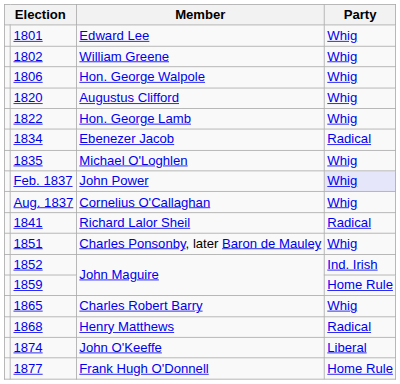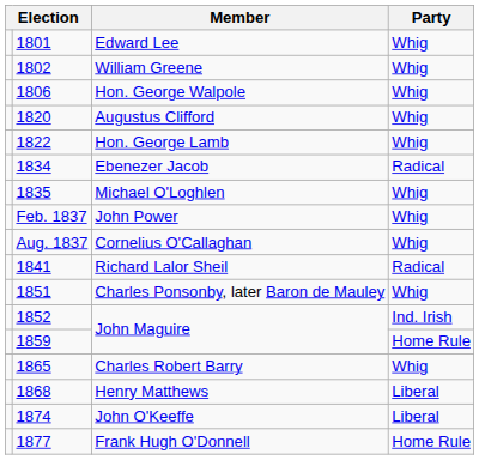 <table class="wikitable">
 <tr>
 <th colspan="2">Election</th>
 <th>Member</th>
 <th>Party</th>
 </tr>
 <tr>
 <td style="color:inherit;background-color: "></td>
 <td><a href='#'>1801</a></td>
 <td><a href='#'>Edward Lee</a></td>
 <td><a href='#'>Whig</a></td>
 </tr>
 <tr>
 <td style="color:inherit;background-color: "></td>
 <td><a href='#'>1802</a></td>
 <td><a href='#'>William Greene</a></td>
 <td><a href='#'>Whig</a></td>
 </tr>
 <tr>
 <td style="color:inherit;background-color: "></td>
 <td><a href='#'>1806</a></td>
 <td><a href='#'>Hon. George Walpole</a></td>
 <td><a href='#'>Whig</a></td>
 </tr>
 <tr>
 <td style="color:inherit;background-color: "></td>
 <td><a href='#'>1820</a></td>
 <td><a href='#'>Augustus Clifford</a></td>
 <td><a href='#'>Whig</a></td>
 </tr>
 <tr>
 <td style="color:inherit;background-color: "></td>
 <td><a href='#'>1822</a></td>
 <td><a href='#'>Hon. George Lamb</a></td>
 <td><a href='#'>Whig</a></td>
 </tr>
 <tr>
 <td style="color:inherit;background-color: "></td>
 <td><a href='#'>1834</a></td>
 <td><a href='#'>Ebenezer Jacob</a></td>
 <td><a href='#'>Radical</a></td>
 </tr>
 <tr>
 <td style="color:inherit;background-color: "></td>
 <td><a href='#'>1835</a></td>
 <td><a href='#'>Michael O'Loghlen</a></td>
 <td><a href='#'>Whig</a></td>
 </tr>
 <tr>
 <td style="color:inherit;background-color: "></td>
 <td><a href='#'>Feb. 1837</a></td>
 <td><a href='#'>John Power</a></td>
-<td style="background: lavender;"><a href='#'>Whig</a></td>
+<td><a href='#'>Whig</a></td>
 </tr>
 <tr>
 <td style="color:inherit;background-color: "></td>
 <td><a href='#'>Aug. 1837</a></td>
 <td><a href='#'>Cornelius O'Callaghan</a></td>
 <td><a href='#'>Whig</a></td>
 </tr>
 <tr>
 <td style="color:inherit;background-color: "></td>
 <td><a href='#'>1841</a></td>
 <td><a href='#'>Richard Lalor Sheil</a></td>
 <td><a href='#'>Radical</a></td>
 </tr>
 <tr>
 <td style="color:inherit;background-color: "></td>
 <td><a href='#'>1851</a></td>
 <td><a href='#'>Charles Ponsonby</a>, later <a href='#'>Baron de Mauley</a></td>
 <td><a href='#'>Whig</a></td>
 </tr>
 <tr>
 <td style="color:inherit;background-color: "></td>
 <td><a href='#'>1852</a></td>
 <td rowspan="2"><a href='#'>John Maguire</a></td>
 <td><a href='#'>Ind. Irish</a></td>
 </tr>
 <tr>
 <td style="color:inherit;background-color: "></td>
 <td><a href='#'>1859</a></td>
 <td><a href='#'>Home Rule</a></td>
 </tr>
 <tr>
 <td style="color:inherit;background-color: "></td>
 <td><a href='#'>1865</a></td>
 <td><a href='#'>Charles Robert Barry</a></td>
 <td><a href='#'>Whig</a></td>
 </tr>
 <tr>
 <td style="color:inherit;background-color: "></td>
 <td><a href='#'>1868</a></td>
 <td><a href='#'>Henry Matthews</a></td>
-<td><a href='#'>Radical</a></td>
+<td><a href='#'>Liberal</a></td>
 </tr>
 <tr>
 <td style="color:inherit;background-color: "></td>
 <td><a href='#'>1874</a></td>
 <td><a href='#'>John O'Keeffe</a></td>
 <td><a href='#'>Liberal</a></td>
 </tr>
 <tr>
 <td style="color:inherit;background-color: "></td>
 <td><a href='#'>1877</a></td>
 <td><a href='#'>Frank Hugh O'Donnell</a></td>
 <td><a href='#'>Home Rule</a></td>
 </tr>
 </table>
